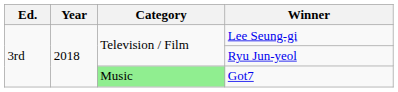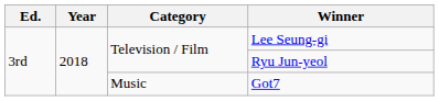 <table class="wikitable">
 <tr align=center>
 <th style="width:50px">Ed.</th>
 <th style="width:50px">Year</th>
 <th style="width:150px">Category</th>
 <th style="width:200px">Winner</th>
 </tr>
 <tr>
 <td rowspan="3">3rd</td>
 <td rowspan="3">2018</td>
 <td rowspan="2">Television / Film</td>
 <td><a href='#'>Lee Seung-gi</a></td>
 </tr>
 <tr>
 <td><a href='#'>Ryu Jun-yeol</a></td>
 </tr>
 <tr>
-<td style="background: lightgreen;">Music</td>
+<td>Music</td>
 <td><a href='#'>Got7</a></td>
 </tr>
 </table>
